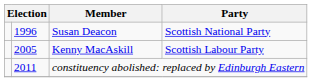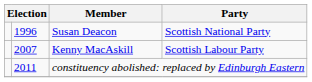 <table class="wikitable">
 <tr>
 <th colspan="2">Election</th>
 <th>Member</th>
 <th>Party</th>
 </tr>
 <tr>
 <td style="background-color: "></td>
 <td><a href='#'>1996</a></td>
 <td><a href='#'>Susan Deacon</a></td>
 <td><a href='#'>Scottish National Party</a></td>
 </tr>
 <tr>
 <td style="background-color: "></td>
-<td><a href='#'>2005</a></td>
+<td><a href='#'>2007</a></td>
 <td><a href='#'>Kenny MacAskill</a></td>
 <td><a href='#'>Scottish Labour Party</a></td>
 </tr>
 <tr>
 <td style="background-color:"></td>
 <td><a href='#'>2011</a></td>
 <td colspan="3"><em>constituency abolished: replaced by <a href='#'>Edinburgh Eastern</a></em></td>
 </tr>
 <tr>
 </tr>
 </table>
